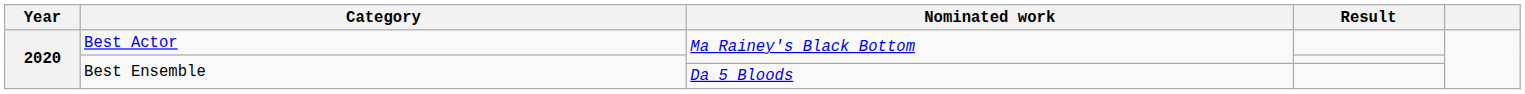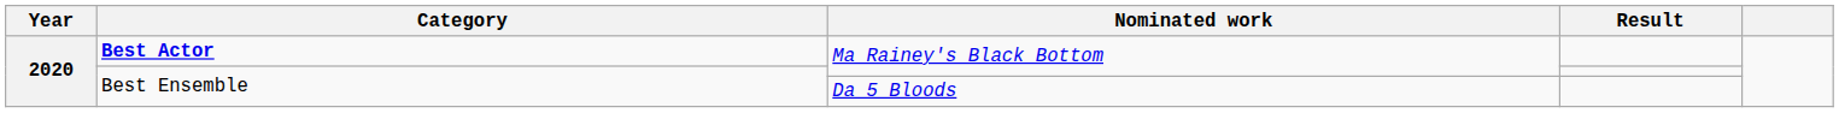 <table class="wikitable plainrowheaders" style="width:100%;">
 <tr>
 <th scope="col" style="width:5%;">Year</th>
 <th scope="col" style="width:40%;">Category</th>
 <th scope="col" style="width:40%;">Nominated work</th>
 <th scope="col" style="width:10%;">Result</th>
 <th scope="col" style="width:5%;"></th>
 </tr>
 <tr>
 <th scope="row" style="text-align:center;" rowspan="3">2020</th>
-<td><a href='#'>Best Actor</a></td>
+<td><strong><a href='#'>Best Actor</a></strong></td>
 <td rowspan="2"><em><a href='#'>Ma Rainey's Black Bottom</a></em></td>
 <td></td>
 <td style="text-align:center;" rowspan="3"></td>
 </tr>
 <tr>
 <td rowspan="2">Best Ensemble</td>
 <td></td>
 </tr>
 <tr>
 <td><em><a href='#'>Da 5 Bloods</a></em></td>
 <td></td>
 </tr>
 </table>
